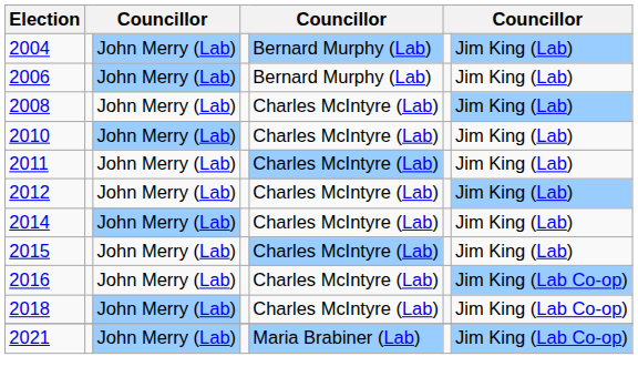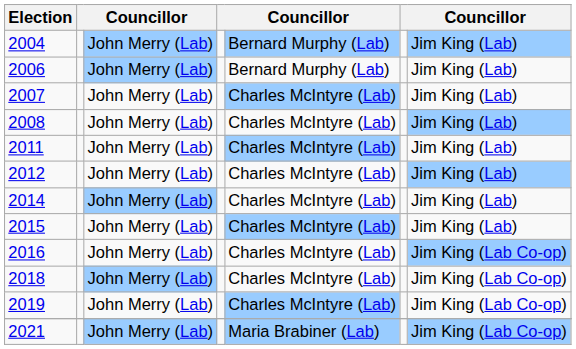 <table class="wikitable">
 <tr>
 <th>Election</th>
 <th colspan="2">Councillor</th>
 <th colspan="2">Councillor</th>
 <th colspan="2">Councillor</th>
 </tr>
 <tr>
 <td><a href='#'>2004</a></td>
 <td style="background-color: "></td>
 <td bgcolor="#99CCFF">John Merry (<a href='#'>Lab</a>)</td>
 <td style="background-color: "></td>
 <td bgcolor="#99CCFF">Bernard Murphy (<a href='#'>Lab</a>)</td>
 <td style="background-color: "></td>
 <td bgcolor="#99CCFF">Jim King (<a href='#'>Lab</a>)</td>
 </tr>
 <tr>
 <td><a href='#'>2006</a></td>
 <td style="background-color: "></td>
 <td bgcolor="#99CCFF">John Merry (<a href='#'>Lab</a>)</td>
 <td style="background-color: "></td>
 <td>Bernard Murphy (<a href='#'>Lab</a>)</td>
 <td style="background-color: "></td>
 <td>Jim King (<a href='#'>Lab</a>)</td>
 </tr>
 <tr>
+<td><a href='#'>2007</a></td>
+<td style="background-color: "></td>
+<td>John Merry (<a href='#'>Lab</a>)</td>
+<td style="background-color: "></td>
+<td bgcolor="#99CCFF">Charles McIntyre (<a href='#'>Lab</a>)</td>
+<td style="background-color: "></td>
+<td>Jim King (<a href='#'>Lab</a>)</td>
+</tr>
+<tr>
 <td><a href='#'>2008</a></td>
 <td style="background-color: "></td>
 <td>John Merry (<a href='#'>Lab</a>)</td>
 <td style="background-color: "></td>
 <td>Charles McIntyre (<a href='#'>Lab</a>)</td>
 <td style="background-color: "></td>
 <td bgcolor="#99CCFF">Jim King (<a href='#'>Lab</a>)</td>
-</tr>
-<tr>
-<td><a href='#'>2010</a></td>
-<td style="background-color: "></td>
-<td bgcolor="#99CCFF">John Merry (<a href='#'>Lab</a>)</td>
-<td style="background-color: "></td>
-<td>Charles McIntyre (<a href='#'>Lab</a>)</td>
-<td style="background-color: "></td>
-<td>Jim King (<a href='#'>Lab</a>)</td>
 </tr>
 <tr>
 <td><a href='#'>2011</a></td>
 <td style="background-color: "></td>
 <td>John Merry (<a href='#'>Lab</a>)</td>
 <td style="background-color: "></td>
 <td bgcolor="#99CCFF">Charles McIntyre (<a href='#'>Lab</a>)</td>
 <td style="background-color: "></td>
 <td>Jim King (<a href='#'>Lab</a>)</td>
 </tr>
 <tr>
 <td><a href='#'>2012</a></td>
 <td style="background-color: "></td>
 <td>John Merry (<a href='#'>Lab</a>)</td>
 <td style="background-color: "></td>
 <td>Charles McIntyre (<a href='#'>Lab</a>)</td>
 <td style="background-color: "></td>
 <td bgcolor="#99CCFF">Jim King (<a href='#'>Lab</a>)</td>
 </tr>
 <tr>
 <td><a href='#'>2014</a></td>
 <td style="background-color: "></td>
 <td bgcolor="#99CCFF">John Merry (<a href='#'>Lab</a>)</td>
 <td style="background-color: "></td>
 <td>Charles McIntyre (<a href='#'>Lab</a>)</td>
 <td style="background-color: "></td>
 <td>Jim King (<a href='#'>Lab</a>)</td>
 </tr>
 <tr>
 <td><a href='#'>2015</a></td>
 <td style="background-color: "></td>
 <td>John Merry (<a href='#'>Lab</a>)</td>
 <td style="background-color: "></td>
 <td bgcolor="#99CCFF">Charles McIntyre (<a href='#'>Lab</a>)</td>
 <td style="background-color: "></td>
 <td>Jim King (<a href='#'>Lab</a>)</td>
 </tr>
 <tr>
 <td><a href='#'>2016</a></td>
 <td style="background-color: "></td>
 <td>John Merry (<a href='#'>Lab</a>)</td>
 <td style="background-color: "></td>
 <td>Charles McIntyre (<a href='#'>Lab</a>)</td>
 <td style="background-color: "></td>
 <td bgcolor="#99CCFF">Jim King (<a href='#'>Lab Co-op</a>)</td>
 </tr>
 <tr>
 <td><a href='#'>2018</a></td>
 <td style="background-color: "></td>
 <td bgcolor="#99CCFF">John Merry (<a href='#'>Lab</a>)</td>
 <td style="background-color: "></td>
 <td>Charles McIntyre (<a href='#'>Lab</a>)</td>
 <td style="background-color: "></td>
 <td>Jim King (<a href='#'>Lab Co-op</a>)</td>
 </tr>
 <tr>
+<td><a href='#'>2019</a></td>
+<td style="background-color: "></td>
+<td>John Merry (<a href='#'>Lab</a>)</td>
+<td style="background-color: "></td>
+<td bgcolor="#99CCFF">Charles McIntyre (<a href='#'>Lab</a>)</td>
+<td style="background-color: "></td>
+<td>Jim King (<a href='#'>Lab Co-op</a>)</td>
+</tr>
+<tr>
 </tr>
 <tr>
 <td><a href='#'>2021</a></td>
 <td style="background-color: "></td>
 <td bgcolor="#99CCFF">John Merry (<a href='#'>Lab</a>)</td>
 <td style="background-color: "></td>
 <td bgcolor="#99CCFF">Maria Brabiner (<a href='#'>Lab</a>)</td>
 <td style="background-color: "></td>
 <td bgcolor="#99CCFF">Jim King (<a href='#'>Lab Co-op</a>)</td>
 </tr>
 </table>
